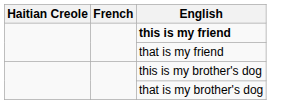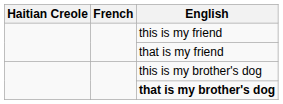 <table class="wikitable">
 <tr>
 <th scope="col">Haitian Creole</th>
 <th scope="col">French</th>
 <th scope="col">English</th>
 </tr>
 <tr>
 <td rowspan="2"></td>
 <td rowspan="2"></td>
-<td><strong>this is my friend</strong></td>
+<td>this is my friend</td>
 </tr>
 <tr>
 <td>that is my friend</td>
 </tr>
 <tr>
 <td rowspan="2"></td>
 <td rowspan="2"></td>
 <td>this is my brother's dog</td>
 </tr>
 <tr>
-<td>that is my brother's dog</td>
+<td><strong>that is my brother's dog</strong></td>
 </tr>
 </table>
